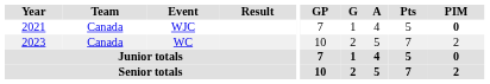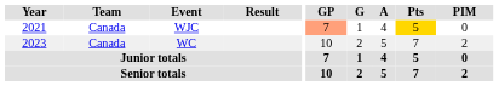 <table border="0" cellpadding="1" cellspacing="0" ID="Table3" style="text-align:center; width:40em">
 <tr ALIGN="center" bgcolor="#e0e0e0">
 <th>Year</th>
 <th>Team</th>
 <th>Event</th>
 <th>Result</th>
 <th rowspan="99" bgcolor="#ffffff"></th>
 <th>GP</th>
 <th>G</th>
 <th>A</th>
 <th>Pts</th>
 <th>PIM</th>
 </tr>
 <tr>
 <td><a href='#'>2021</a></td>
 <td><a href='#'>Canada</a></td>
 <td><a href='#'>WJC</a></td>
 <td></td>
-<td>7</td>
+<td style="background: lightsalmon;">7</td>
 <td>1</td>
 <td>4</td>
-<td>5</td>
-<td><strong>0</strong></td>
+<td style="background: gold;">5</td>
+<td>0</td>
 </tr>
 <tr bgcolor="#f0f0f0">
 <td><a href='#'>2023</a></td>
 <td><a href='#'>Canada</a></td>
 <td><a href='#'>WC</a></td>
 <td></td>
 <td>10</td>
 <td>2</td>
 <td>5</td>
 <td>7</td>
 <td>2</td>
 </tr>
 <tr bgcolor="#e0e0e0">
 <th colspan="4">Junior totals</th>
 <th>7</th>
 <th>1</th>
 <th>4</th>
 <th>5</th>
 <th>0</th>
 </tr>
 <tr bgcolor="#e0e0e0">
 <th colspan="4">Senior totals</th>
 <th>10</th>
 <th>2</th>
 <th>5</th>
 <th>7</th>
 <th>2</th>
 </tr>
 </table>
